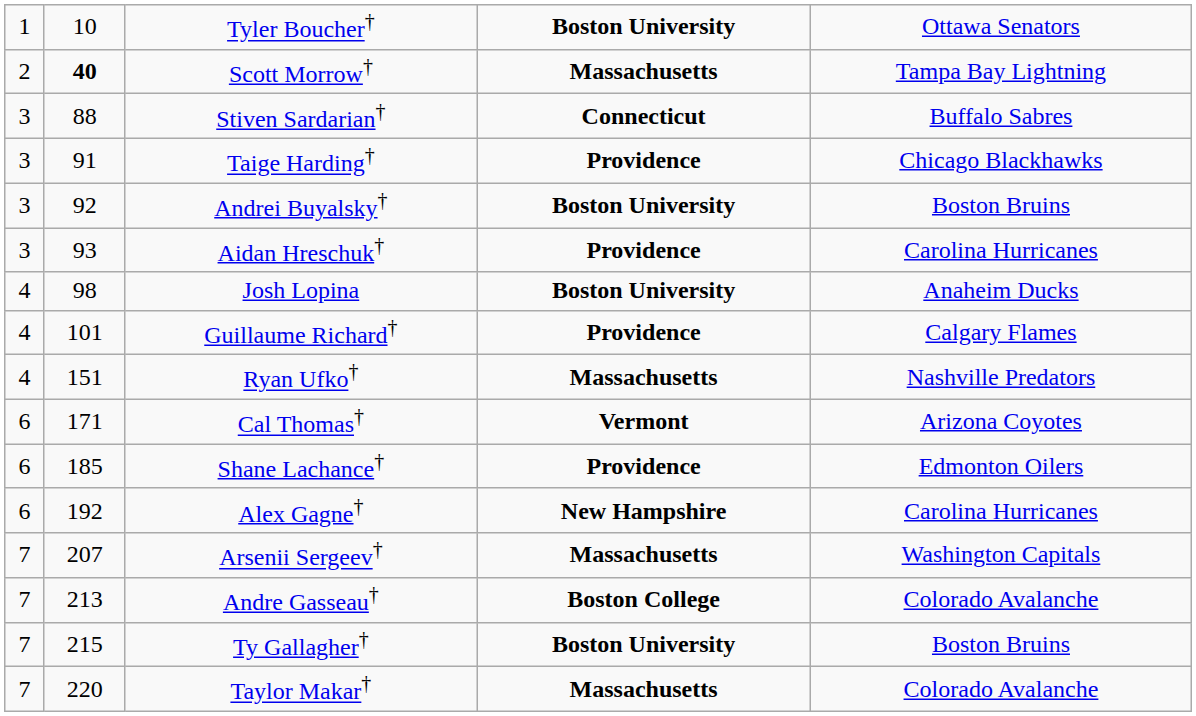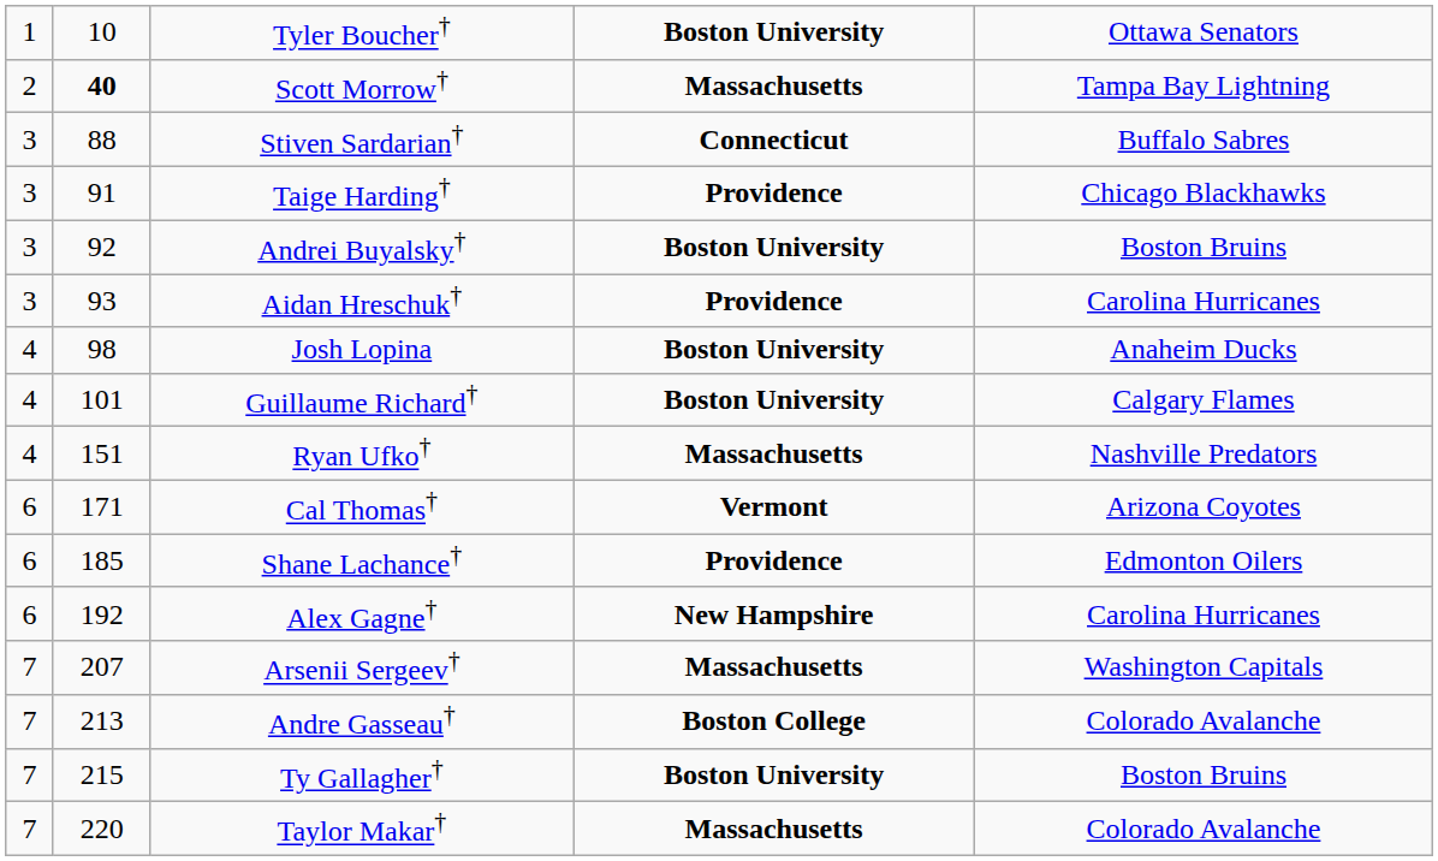 <table class="wikitable" width="50%">
 <tr align="center" bgcolor="">
 <td>1</td>
 <td>10</td>
 <td><a href='#'>Tyler Boucher</a><sup>†</sup></td>
 <td><strong>Boston University</strong></td>
 <td><a href='#'>Ottawa Senators</a></td>
 </tr>
 <tr align="center" bgcolor="">
 <td>2</td>
 <td><strong>40</strong></td>
 <td><a href='#'>Scott Morrow</a><sup>†</sup></td>
 <td><strong>Massachusetts</strong></td>
 <td><a href='#'>Tampa Bay Lightning</a></td>
 </tr>
 <tr align="center" bgcolor="">
 <td>3</td>
 <td>88</td>
 <td><a href='#'>Stiven Sardarian</a><sup>†</sup></td>
 <td><strong>Connecticut</strong></td>
 <td><a href='#'>Buffalo Sabres</a></td>
 </tr>
 <tr align="center" bgcolor="">
 <td>3</td>
 <td>91</td>
 <td><a href='#'>Taige Harding</a><sup>†</sup></td>
 <td><strong>Providence</strong></td>
 <td><a href='#'>Chicago Blackhawks</a></td>
 </tr>
 <tr align="center" bgcolor="">
 <td>3</td>
 <td>92</td>
 <td><a href='#'>Andrei Buyalsky</a><sup>†</sup></td>
 <td><strong>Boston University</strong></td>
 <td><a href='#'>Boston Bruins</a></td>
 </tr>
 <tr align="center" bgcolor="">
 <td>3</td>
 <td>93</td>
 <td><a href='#'>Aidan Hreschuk</a><sup>†</sup></td>
 <td><strong>Providence</strong></td>
 <td><a href='#'>Carolina Hurricanes</a></td>
 </tr>
 <tr align="center" bgcolor="">
 <td>4</td>
 <td>98</td>
 <td><a href='#'>Josh Lopina</a></td>
 <td><strong>Boston University</strong></td>
 <td><a href='#'>Anaheim Ducks</a></td>
 </tr>
 <tr align="center" bgcolor="">
 <td>4</td>
 <td>101</td>
 <td><a href='#'>Guillaume Richard</a><sup>†</sup></td>
-<td><strong>Providence</strong></td>
+<td><strong>Boston University</strong></td>
 <td><a href='#'>Calgary Flames</a></td>
 </tr>
 <tr align="center" bgcolor="">
 <td>4</td>
 <td>151</td>
 <td><a href='#'>Ryan Ufko</a><sup>†</sup></td>
 <td><strong>Massachusetts</strong></td>
 <td><a href='#'>Nashville Predators</a></td>
 </tr>
 <tr align="center" bgcolor="">
 <td>6</td>
 <td>171</td>
 <td><a href='#'>Cal Thomas</a><sup>†</sup></td>
 <td><strong>Vermont</strong></td>
 <td><a href='#'>Arizona Coyotes</a></td>
 </tr>
 <tr align="center" bgcolor="">
 <td>6</td>
 <td>185</td>
 <td><a href='#'>Shane Lachance</a><sup>†</sup></td>
 <td><strong>Providence</strong></td>
 <td><a href='#'>Edmonton Oilers</a></td>
 </tr>
 <tr align="center" bgcolor="">
 <td>6</td>
 <td>192</td>
 <td><a href='#'>Alex Gagne</a><sup>†</sup></td>
 <td><strong>New Hampshire</strong></td>
 <td><a href='#'>Carolina Hurricanes</a></td>
 </tr>
 <tr align="center" bgcolor="">
 <td>7</td>
 <td>207</td>
 <td><a href='#'>Arsenii Sergeev</a><sup>†</sup></td>
 <td><strong>Massachusetts</strong></td>
 <td><a href='#'>Washington Capitals</a></td>
 </tr>
 <tr align="center" bgcolor="">
 <td>7</td>
 <td>213</td>
 <td><a href='#'>Andre Gasseau</a><sup>†</sup></td>
 <td><strong>Boston College</strong></td>
 <td><a href='#'>Colorado Avalanche</a></td>
 </tr>
 <tr align="center" bgcolor="">
 <td>7</td>
 <td>215</td>
 <td><a href='#'>Ty Gallagher</a><sup>†</sup></td>
 <td><strong>Boston University</strong></td>
 <td><a href='#'>Boston Bruins</a></td>
 </tr>
 <tr align="center" bgcolor="">
 <td>7</td>
 <td>220</td>
 <td><a href='#'>Taylor Makar</a><sup>†</sup></td>
 <td><strong>Massachusetts</strong></td>
 <td><a href='#'>Colorado Avalanche</a></td>
 </tr>
 </table>
